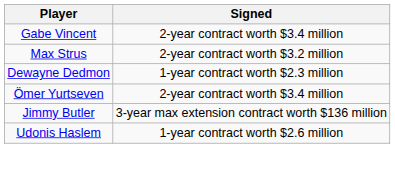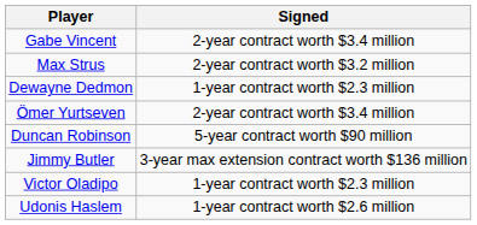 <table class="wikitable sortable sortable" style="text-align: center">
 <tr>
 <th>Player</th>
 <th>Signed</th>
 </tr>
 <tr style="text-align: center">
 <td><a href='#'>Gabe Vincent</a></td>
 <td>2-year contract worth $3.4 million</td>
 </tr>
 <tr>
 <td><a href='#'>Max Strus</a></td>
 <td>2-year contract worth $3.2 million</td>
 </tr>
 <tr>
 <td><a href='#'>Dewayne Dedmon</a></td>
 <td>1-year contract worth $2.3 million</td>
 </tr>
 <tr style="text-align: center">
 <td><a href='#'>Ömer Yurtseven</a></td>
 <td>2-year contract worth $3.4 million</td>
 </tr>
 <tr style="text-align: center">
+<td><a href='#'>Duncan Robinson</a></td>
+<td>5-year contract worth $90 million</td>
+</tr>
+<tr style="text-align: center">
 <td><a href='#'>Jimmy Butler</a></td>
 <td>3-year max extension contract worth $136 million</td>
+</tr>
+<tr style="text-align: center">
+<td><a href='#'>Victor Oladipo</a></td>
+<td>1-year contract worth $2.3 million</td>
 </tr>
 <tr style="text-align: center">
 <td><a href='#'>Udonis Haslem</a></td>
 <td>1-year contract worth $2.6 million</td>
 </tr>
 </table>
